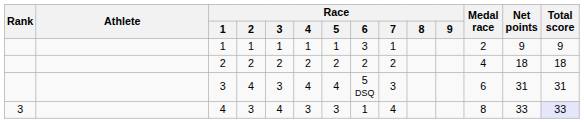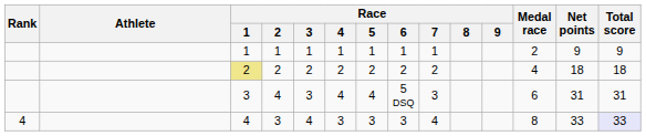 <table | class="wikitable Sortable" style="text-align:center">
 <tr>
 <th rowspan="2" width=40>Rank</th>
 <th rowspan="2" width=250>Athlete</th>
 <th colspan="9">Race</th>
 <th rowspan="2" width=50>Medal race</th>
 <th rowspan="2" width=50>Net points</th>
 <th rowspan="2" width=50>Total score</th>
 </tr>
 <tr>
 <th width=35>1</th>
 <th width=35>2</th>
 <th width=35>3</th>
 <th width=35>4</th>
 <th width=35>5</th>
 <th width=35>6</th>
 <th width=35>7</th>
 <th width=35>8</th>
 <th width=35>9</th>
 </tr>
 <tr>
 <td></td>
 <td align=left> </td>
 <td>1</td>
 <td>1</td>
 <td>1</td>
 <td>1</td>
 <td>1</td>
-<td>3</td>
+<td>1</td>
 <td>1</td>
 <td></td>
 <td></td>
 <td>2</td>
 <td>9</td>
 <td>9</td>
 </tr>
 <tr>
 <td></td>
 <td align=left> </td>
-<td>2</td>
+<td style="background: khaki;">2</td>
 <td>2</td>
 <td>2</td>
 <td>2</td>
 <td>2</td>
 <td>2</td>
 <td>2</td>
 <td></td>
 <td></td>
 <td>4</td>
 <td>18</td>
 <td>18</td>
 </tr>
 <tr>
 <td></td>
 <td align=left> </td>
 <td>3</td>
 <td>4</td>
 <td>3</td>
 <td>4</td>
 <td>4</td>
 <td>5<br><small>DSQ</small></td>
 <td>3</td>
 <td></td>
 <td></td>
 <td>6</td>
 <td>31</td>
 <td>31</td>
 </tr>
 <tr>
-<td>3</td>
+<td>4</td>
 <td align=left> </td>
 <td>4</td>
 <td>3</td>
 <td>4</td>
 <td>3</td>
 <td>3</td>
-<td>1</td>
+<td>3</td>
 <td>4</td>
 <td></td>
 <td></td>
 <td>8</td>
 <td>33</td>
 <td style="background: lavender;">33</td>
 </tr>
 </table>
